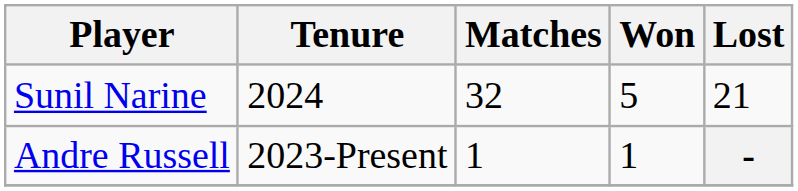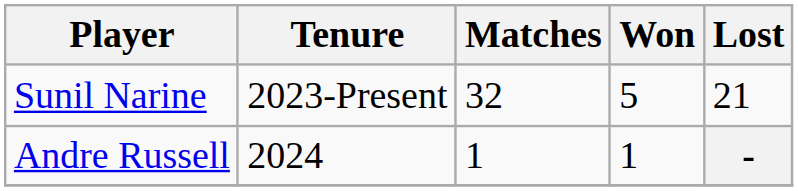 <table class="wikitable">
 <tr>
 <th scope="col">Player</th>
 <th scope="col">Tenure</th>
 <th scope="col">Matches</th>
 <th scope="col">Won</th>
 <th scope="col">Lost</th>
 </tr>
 <tr>
 <td><a href='#'>Sunil Narine</a></td>
-<td>2024</td>
+<td>2023-Present</td>
 <td>32</td>
 <td>5</td>
 <td>21</td>
 </tr>
 <tr>
 <td><a href='#'>Andre Russell</a></td>
-<td>2023-Present</td>
+<td>2024</td>
 <td>1</td>
 <td>1</td>
 <th>-</th>
 </tr>
 <tr>
 </tr>
 </table>
